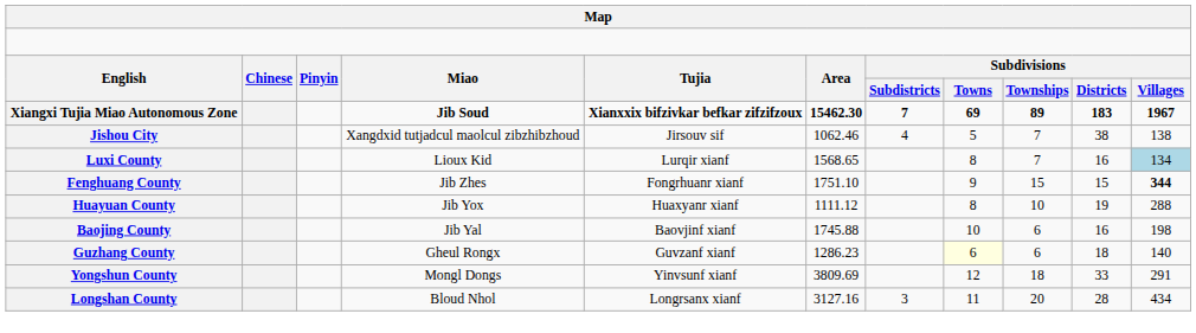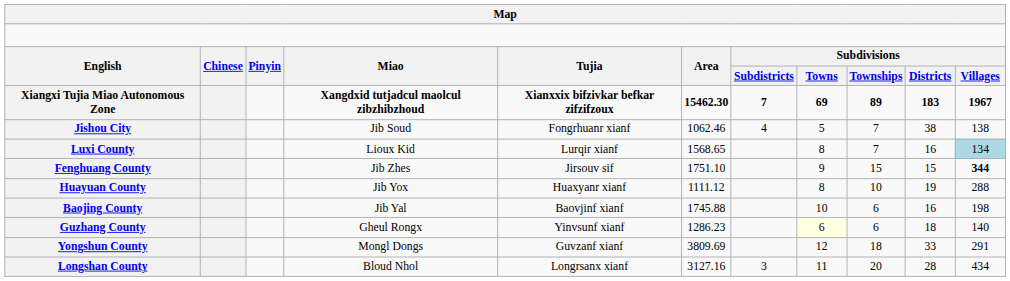 <table class="wikitable" style="margin:1em auto 1em auto; width:90%; font-size:smaller; text-align:center">
 <tr>
 <th colspan=11><strong>Map</strong></th>
 </tr>
 <tr>
 <td colspan=11 align="center" style="font-size:larger"><br><div>            </div></td>
 </tr>
 <tr>
 <th rowspan="2">English</th>
 <th ! rowspan=2><a href='#'>Chinese</a></th>
 <th ! rowspan=2><a href='#'>Pinyin</a></th>
 <th ! rowspan=2>Miao</th>
 <th ! rowspan=2>Tujia</th>
 <th ! rowspan=2>Area</th>
 <th colspan="5" !>Subdivisions</th>
 </tr>
 <tr>
 <th ! width="5%"><a href='#'>Subdistricts</a></th>
 <th ! width="5%"><a href='#'>Towns</a></th>
 <th ! width="5%"><a href='#'>Townships</a></th>
 <th ! width="5%"><a href='#'>Districts</a></th>
 <th ! width="5%"><a href='#'>Villages</a></th>
 </tr>
 <tr style="font-weight:bold">
 <th>Xiangxi Tujia Miao Autonomous Zone</th>
 <th></th>
 <td></td>
-<td>Jib Soud</td>
+<td>Xangdxid tutjadcul maolcul zibzhibzhoud</td>
 <td>Xianxxix bifzivkar befkar zifzifzoux</td>
 <td>15462.30</td>
 <td>7</td>
 <td>69</td>
 <td>89</td>
 <td>183</td>
 <td>1967</td>
 </tr>
 <tr>
 <th><a href='#'>Jishou City</a></th>
 <th></th>
 <td></td>
-<td>Xangdxid tutjadcul maolcul zibzhibzhoud</td>
-<td>Jirsouv sif</td>
+<td>Jib Soud</td>
+<td>Fongrhuanr xianf</td>
 <td>1062.46</td>
 <td>4</td>
 <td>5</td>
 <td>7</td>
 <td>38</td>
 <td>138</td>
 </tr>
 <tr>
 <th><a href='#'>Luxi County</a></th>
 <th></th>
 <td></td>
 <td>Lioux Kid</td>
 <td>Lurqir xianf</td>
 <td>1568.65</td>
 <td></td>
 <td>8</td>
 <td>7</td>
 <td>16</td>
 <td style="background: lightblue;">134</td>
 </tr>
 <tr>
 <th><a href='#'>Fenghuang County</a></th>
 <th></th>
 <td></td>
 <td>Jib Zhes</td>
-<td>Fongrhuanr xianf</td>
+<td>Jirsouv sif</td>
 <td>1751.10</td>
 <td></td>
 <td>9</td>
 <td>15</td>
 <td>15</td>
 <td><strong>344</strong></td>
 </tr>
 <tr>
 <th><a href='#'>Huayuan County</a></th>
 <th></th>
 <td></td>
 <td>Jib Yox</td>
 <td>Huaxyanr xianf</td>
 <td>1111.12</td>
 <td></td>
 <td>8</td>
 <td>10</td>
 <td>19</td>
 <td>288</td>
 </tr>
 <tr>
 <th><a href='#'>Baojing County</a></th>
 <th></th>
 <td></td>
 <td>Jib Yal</td>
 <td>Baovjinf xianf</td>
 <td>1745.88</td>
 <td></td>
 <td>10</td>
 <td>6</td>
 <td>16</td>
 <td>198</td>
 </tr>
 <tr>
 <th><a href='#'>Guzhang County</a></th>
 <th></th>
 <td></td>
 <td>Gheul Rongx</td>
-<td>Guvzanf xianf</td>
+<td>Yinvsunf xianf</td>
 <td>1286.23</td>
 <td></td>
 <td style="background: lightyellow;">6</td>
 <td>6</td>
 <td>18</td>
 <td>140</td>
 </tr>
 <tr>
 <th><a href='#'>Yongshun County</a></th>
 <th></th>
 <td></td>
 <td>Mongl Dongs</td>
-<td>Yinvsunf xianf</td>
+<td>Guvzanf xianf</td>
 <td>3809.69</td>
 <td></td>
 <td>12</td>
 <td>18</td>
 <td>33</td>
 <td>291</td>
 </tr>
 <tr>
 <th><a href='#'>Longshan County</a></th>
 <th></th>
 <td></td>
 <td>Bloud Nhol</td>
 <td>Longrsanx xianf</td>
 <td>3127.16</td>
 <td>3</td>
 <td>11</td>
 <td>20</td>
 <td>28</td>
 <td>434</td>
 </tr>
 </table>
